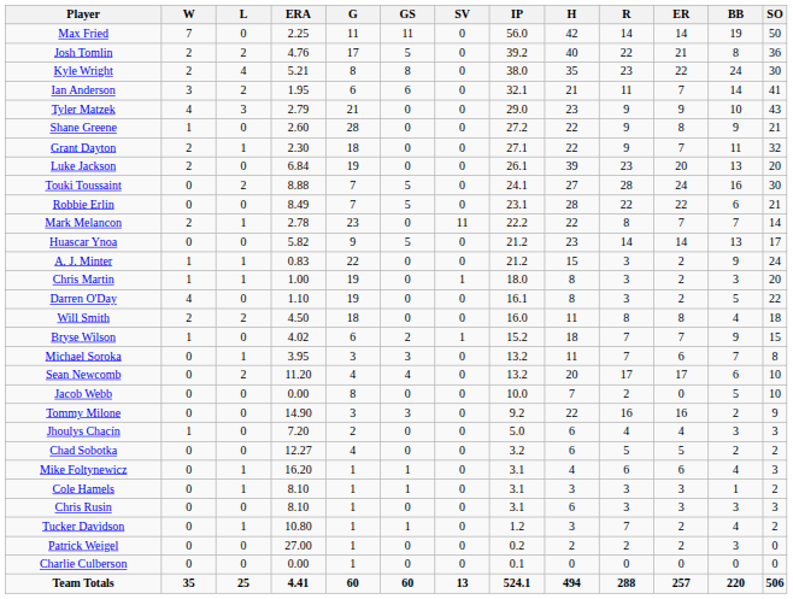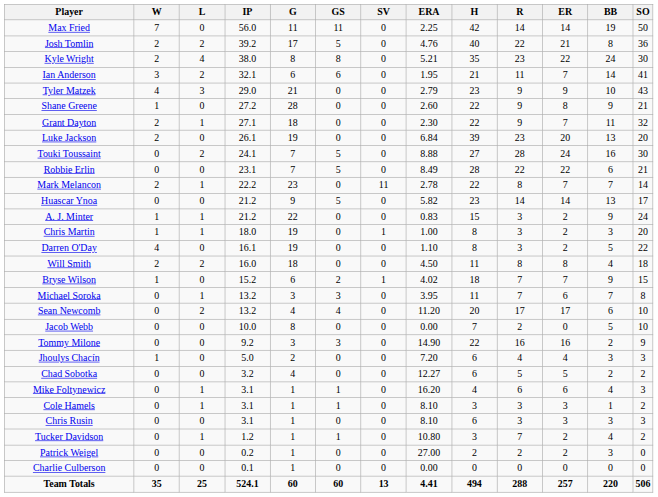 <table class=wikitable style="text-align:center">
 <tr>
 <th bgcolor=#DDDDFF; width="20%">Player</th>
 <th bgcolor=#DDDDFF; width="7%">W</th>
 <th bgcolor=#DDDDFF; width="7%">L</th>
-<th bgcolor=#DDDDFF; width="7%">ERA</th>
+<th bgcolor=#DDDDFF; width="7%">IP</th>
 <th bgcolor=#DDDDFF; width="7%">G</th>
 <th bgcolor=#DDDDFF; width="7%">GS</th>
 <th bgcolor=#DDDDFF; width="7%'">SV</th>
-<th bgcolor=#DDDDFF; width="7%">IP</th>
+<th bgcolor=#DDDDFF; width="7%">ERA</th>
 <th bgcolor=#DDDDFF; width="7%">H</th>
 <th bgcolor=#DDDDFF; width="7%">R</th>
 <th bgcolor=#DDDDFF; width="7%">ER</th>
 <th bgcolor=#DDDDFF; width="7%">BB</th>
 <th bgcolor=#DDDDFF; width="7%">SO</th>
 </tr>
 <tr>
 <td><a href='#'>Max Fried</a></td>
 <td>7</td>
 <td>0</td>
-<td>2.25</td>
+<td>56.0</td>
 <td>11</td>
 <td>11</td>
 <td>0</td>
-<td>56.0</td>
+<td>2.25</td>
 <td>42</td>
 <td>14</td>
 <td>14</td>
 <td>19</td>
 <td>50</td>
 </tr>
 <tr>
 <td><a href='#'>Josh Tomlin</a></td>
 <td>2</td>
 <td>2</td>
-<td>4.76</td>
+<td>39.2</td>
 <td>17</td>
 <td>5</td>
 <td>0</td>
-<td>39.2</td>
+<td>4.76</td>
 <td>40</td>
 <td>22</td>
 <td>21</td>
 <td>8</td>
 <td>36</td>
 </tr>
 <tr>
 <td><a href='#'>Kyle Wright</a></td>
 <td>2</td>
 <td>4</td>
-<td>5.21</td>
+<td>38.0</td>
 <td>8</td>
 <td>8</td>
 <td>0</td>
-<td>38.0</td>
+<td>5.21</td>
 <td>35</td>
 <td>23</td>
 <td>22</td>
 <td>24</td>
 <td>30</td>
 </tr>
 <tr>
 <td><a href='#'>Ian Anderson</a></td>
 <td>3</td>
 <td>2</td>
-<td>1.95</td>
+<td>32.1</td>
 <td>6</td>
 <td>6</td>
 <td>0</td>
-<td>32.1</td>
+<td>1.95</td>
 <td>21</td>
 <td>11</td>
 <td>7</td>
 <td>14</td>
 <td>41</td>
 </tr>
 <tr>
 <td><a href='#'>Tyler Matzek</a></td>
 <td>4</td>
 <td>3</td>
-<td>2.79</td>
+<td>29.0</td>
 <td>21</td>
 <td>0</td>
 <td>0</td>
-<td>29.0</td>
+<td>2.79</td>
 <td>23</td>
 <td>9</td>
 <td>9</td>
 <td>10</td>
 <td>43</td>
 </tr>
 <tr>
 <td><a href='#'>Shane Greene</a></td>
 <td>1</td>
 <td>0</td>
-<td>2.60</td>
+<td>27.2</td>
 <td>28</td>
 <td>0</td>
 <td>0</td>
-<td>27.2</td>
+<td>2.60</td>
 <td>22</td>
 <td>9</td>
 <td>8</td>
 <td>9</td>
 <td>21</td>
 </tr>
 <tr>
 <td><a href='#'>Grant Dayton</a></td>
 <td>2</td>
 <td>1</td>
-<td>2.30</td>
+<td>27.1</td>
 <td>18</td>
 <td>0</td>
 <td>0</td>
-<td>27.1</td>
+<td>2.30</td>
 <td>22</td>
 <td>9</td>
 <td>7</td>
 <td>11</td>
 <td>32</td>
 </tr>
 <tr>
 <td><a href='#'>Luke Jackson</a></td>
 <td>2</td>
 <td>0</td>
-<td>6.84</td>
+<td>26.1</td>
 <td>19</td>
 <td>0</td>
 <td>0</td>
-<td>26.1</td>
+<td>6.84</td>
 <td>39</td>
 <td>23</td>
 <td>20</td>
 <td>13</td>
 <td>20</td>
 </tr>
 <tr>
 <td><a href='#'>Touki Toussaint</a></td>
 <td>0</td>
 <td>2</td>
-<td>8.88</td>
+<td>24.1</td>
 <td>7</td>
 <td>5</td>
 <td>0</td>
-<td>24.1</td>
+<td>8.88</td>
 <td>27</td>
 <td>28</td>
 <td>24</td>
 <td>16</td>
 <td>30</td>
 </tr>
 <tr>
 <td><a href='#'>Robbie Erlin</a></td>
 <td>0</td>
 <td>0</td>
-<td>8.49</td>
+<td>23.1</td>
 <td>7</td>
 <td>5</td>
 <td>0</td>
-<td>23.1</td>
+<td>8.49</td>
 <td>28</td>
 <td>22</td>
 <td>22</td>
 <td>6</td>
 <td>21</td>
 </tr>
 <tr>
 <td><a href='#'>Mark Melancon</a></td>
 <td>2</td>
 <td>1</td>
-<td>2.78</td>
+<td>22.2</td>
 <td>23</td>
 <td>0</td>
 <td>11</td>
-<td>22.2</td>
+<td>2.78</td>
 <td>22</td>
 <td>8</td>
 <td>7</td>
 <td>7</td>
 <td>14</td>
 </tr>
 <tr>
 <td><a href='#'>Huascar Ynoa</a></td>
 <td>0</td>
 <td>0</td>
-<td>5.82</td>
+<td>21.2</td>
 <td>9</td>
 <td>5</td>
 <td>0</td>
-<td>21.2</td>
+<td>5.82</td>
 <td>23</td>
 <td>14</td>
 <td>14</td>
 <td>13</td>
 <td>17</td>
 </tr>
 <tr>
 <td><a href='#'>A. J. Minter</a></td>
 <td>1</td>
 <td>1</td>
-<td>0.83</td>
+<td>21.2</td>
 <td>22</td>
 <td>0</td>
 <td>0</td>
-<td>21.2</td>
+<td>0.83</td>
 <td>15</td>
 <td>3</td>
 <td>2</td>
 <td>9</td>
 <td>24</td>
 </tr>
 <tr>
 <td><a href='#'>Chris Martin</a></td>
 <td>1</td>
 <td>1</td>
-<td>1.00</td>
+<td>18.0</td>
 <td>19</td>
 <td>0</td>
 <td>1</td>
-<td>18.0</td>
+<td>1.00</td>
 <td>8</td>
 <td>3</td>
 <td>2</td>
 <td>3</td>
 <td>20</td>
 </tr>
 <tr>
 <td><a href='#'>Darren O'Day</a></td>
 <td>4</td>
 <td>0</td>
-<td>1.10</td>
+<td>16.1</td>
 <td>19</td>
 <td>0</td>
 <td>0</td>
-<td>16.1</td>
+<td>1.10</td>
 <td>8</td>
 <td>3</td>
 <td>2</td>
 <td>5</td>
 <td>22</td>
 </tr>
 <tr>
 <td><a href='#'>Will Smith</a></td>
 <td>2</td>
 <td>2</td>
-<td>4.50</td>
+<td>16.0</td>
 <td>18</td>
 <td>0</td>
 <td>0</td>
-<td>16.0</td>
+<td>4.50</td>
 <td>11</td>
 <td>8</td>
 <td>8</td>
 <td>4</td>
 <td>18</td>
 </tr>
 <tr>
 <td><a href='#'>Bryse Wilson</a></td>
 <td>1</td>
 <td>0</td>
-<td>4.02</td>
+<td>15.2</td>
 <td>6</td>
 <td>2</td>
 <td>1</td>
-<td>15.2</td>
+<td>4.02</td>
 <td>18</td>
 <td>7</td>
 <td>7</td>
 <td>9</td>
 <td>15</td>
 </tr>
 <tr>
 <td><a href='#'>Michael Soroka</a></td>
 <td>0</td>
 <td>1</td>
-<td>3.95</td>
+<td>13.2</td>
 <td>3</td>
 <td>3</td>
 <td>0</td>
-<td>13.2</td>
+<td>3.95</td>
 <td>11</td>
 <td>7</td>
 <td>6</td>
 <td>7</td>
 <td>8</td>
 </tr>
 <tr>
 <td><a href='#'>Sean Newcomb</a></td>
 <td>0</td>
 <td>2</td>
-<td>11.20</td>
+<td>13.2</td>
 <td>4</td>
 <td>4</td>
 <td>0</td>
-<td>13.2</td>
+<td>11.20</td>
 <td>20</td>
 <td>17</td>
 <td>17</td>
 <td>6</td>
 <td>10</td>
 </tr>
 <tr>
 <td><a href='#'>Jacob Webb</a></td>
 <td>0</td>
 <td>0</td>
-<td>0.00</td>
+<td>10.0</td>
 <td>8</td>
 <td>0</td>
 <td>0</td>
-<td>10.0</td>
+<td>0.00</td>
 <td>7</td>
 <td>2</td>
 <td>0</td>
 <td>5</td>
 <td>10</td>
 </tr>
 <tr>
 <td><a href='#'>Tommy Milone</a></td>
 <td>0</td>
 <td>0</td>
-<td>14.90</td>
+<td>9.2</td>
 <td>3</td>
 <td>3</td>
 <td>0</td>
-<td>9.2</td>
+<td>14.90</td>
 <td>22</td>
 <td>16</td>
 <td>16</td>
 <td>2</td>
 <td>9</td>
 </tr>
 <tr>
 <td><a href='#'>Jhoulys Chacín</a></td>
 <td>1</td>
 <td>0</td>
-<td>7.20</td>
+<td>5.0</td>
 <td>2</td>
 <td>0</td>
 <td>0</td>
-<td>5.0</td>
+<td>7.20</td>
 <td>6</td>
 <td>4</td>
 <td>4</td>
 <td>3</td>
 <td>3</td>
 </tr>
 <tr>
 <td><a href='#'>Chad Sobotka</a></td>
 <td>0</td>
 <td>0</td>
-<td>12.27</td>
+<td>3.2</td>
 <td>4</td>
 <td>0</td>
 <td>0</td>
-<td>3.2</td>
+<td>12.27</td>
 <td>6</td>
 <td>5</td>
 <td>5</td>
 <td>2</td>
 <td>2</td>
 </tr>
 <tr>
 <td><a href='#'>Mike Foltynewicz</a></td>
 <td>0</td>
 <td>1</td>
-<td>16.20</td>
+<td>3.1</td>
 <td>1</td>
 <td>1</td>
 <td>0</td>
-<td>3.1</td>
+<td>16.20</td>
 <td>4</td>
 <td>6</td>
 <td>6</td>
 <td>4</td>
 <td>3</td>
 </tr>
 <tr>
 <td><a href='#'>Cole Hamels</a></td>
 <td>0</td>
 <td>1</td>
-<td>8.10</td>
+<td>3.1</td>
 <td>1</td>
 <td>1</td>
 <td>0</td>
-<td>3.1</td>
+<td>8.10</td>
 <td>3</td>
 <td>3</td>
 <td>3</td>
 <td>1</td>
 <td>2</td>
 </tr>
 <tr>
 <td><a href='#'>Chris Rusin</a></td>
 <td>0</td>
 <td>0</td>
-<td>8.10</td>
+<td>3.1</td>
 <td>1</td>
 <td>0</td>
 <td>0</td>
-<td>3.1</td>
+<td>8.10</td>
 <td>6</td>
 <td>3</td>
 <td>3</td>
 <td>3</td>
 <td>3</td>
 </tr>
 <tr>
 <td><a href='#'>Tucker Davidson</a></td>
 <td>0</td>
 <td>1</td>
-<td>10.80</td>
+<td>1.2</td>
 <td>1</td>
 <td>1</td>
 <td>0</td>
-<td>1.2</td>
+<td>10.80</td>
 <td>3</td>
 <td>7</td>
 <td>2</td>
 <td>4</td>
 <td>2</td>
 </tr>
 <tr>
 <td><a href='#'>Patrick Weigel</a></td>
 <td>0</td>
 <td>0</td>
-<td>27.00</td>
+<td>0.2</td>
 <td>1</td>
 <td>0</td>
 <td>0</td>
-<td>0.2</td>
+<td>27.00</td>
 <td>2</td>
 <td>2</td>
 <td>2</td>
 <td>3</td>
 <td>0</td>
 </tr>
 <tr>
 <td><a href='#'>Charlie Culberson</a></td>
 <td>0</td>
 <td>0</td>
-<td>0.00</td>
+<td>0.1</td>
 <td>1</td>
 <td>0</td>
 <td>0</td>
-<td>0.1</td>
+<td>0.00</td>
 <td>0</td>
 <td>0</td>
 <td>0</td>
 <td>0</td>
 <td>0</td>
 </tr>
 <tr>
 <td><strong>Team Totals</strong></td>
 <td><strong>35</strong></td>
 <td><strong>25</strong></td>
-<td><strong>4.41</strong></td>
+<td><strong>524.1</strong></td>
 <td><strong>60</strong></td>
 <td><strong>60</strong></td>
 <td><strong>13</strong></td>
-<td><strong>524.1</strong></td>
+<td><strong>4.41</strong></td>
 <td><strong>494</strong></td>
 <td><strong>288</strong></td>
 <td><strong>257</strong></td>
 <td><strong>220</strong></td>
 <td><strong>506</strong></td>
 </tr>
 </table>
